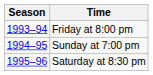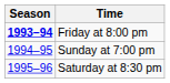 <table class="wikitable">
 <tr>
 <th>Season</th>
 <th>Time</th>
 </tr>
 <tr>
-<td><a href='#'>1993–94</a></td>
+<td><strong><a href='#'>1993–94</a></strong></td>
 <td>Friday at 8:00 pm</td>
 </tr>
 <tr>
 <td><a href='#'>1994–95</a></td>
 <td>Sunday at 7:00 pm</td>
 </tr>
 <tr>
 <td><a href='#'>1995–96</a></td>
 <td>Saturday at 8:30 pm</td>
 </tr>
 </table>
